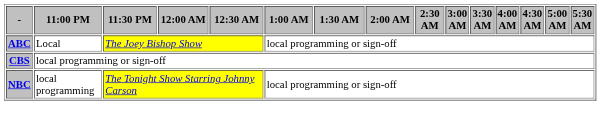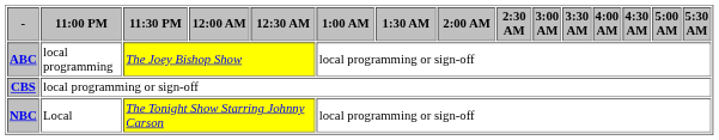 <table border="1" cellpadding="2">
 <tr>
 <th bgcolor="#C0C0C0">-</th>
 <th width="13%" bgcolor="#C0C0C0">11:00 PM</th>
 <th width="14%" bgcolor="#C0C0C0">11:30 PM</th>
 <th width="13%" bgcolor="#C0C0C0">12:00 AM</th>
 <th width="14%" bgcolor="#C0C0C0">12:30 AM</th>
 <th width="13%" bgcolor="#C0C0C0">1:00 AM</th>
 <th width="14%" bgcolor="#C0C0C0">1:30 AM</th>
 <th width="13%" bgcolor="#C0C0C0">2:00 AM</th>
 <th width="14%" bgcolor="#C0C0C0">2:30 AM</th>
 <th width="13%" bgcolor="#C0C0C0">3:00 AM</th>
 <th width="14%" bgcolor="#C0C0C0">3:30 AM</th>
 <th width="13%" bgcolor="#C0C0C0">4:00 AM</th>
 <th width="14%" bgcolor="#C0C0C0">4:30 AM</th>
 <th width="13%" bgcolor="#C0C0C0">5:00 AM</th>
 <th width="14%" bgcolor="#C0C0C0">5:30 AM</th>
 </tr>
 <tr>
 <th bgcolor="#C0C0C0"><a href='#'>ABC</a></th>
-<td bgcolor="white">Local</td>
+<td bgcolor="white">local programming</td>
 <td bgcolor="yellow" colspan="3"><a href='#'><em>The Joey Bishop Show</em></a></td>
 <td bgcolor="white" colspan="10">local programming or sign-off</td>
 </tr>
 <tr>
 <th bgcolor="#C0C0C0"><a href='#'>CBS</a></th>
 <td bgcolor="white" colspan="14">local programming or sign-off</td>
 </tr>
 <tr>
 <th bgcolor="#C0C0C0"><a href='#'>NBC</a></th>
-<td bgcolor="white">local programming</td>
+<td bgcolor="white">Local</td>
 <td bgcolor="yellow" colspan="3"><em><a href='#'>The Tonight Show Starring Johnny Carson</a></em></td>
 <td bgcolor="white" colspan="10">local programming or sign-off</td>
 </tr>
 </table>
